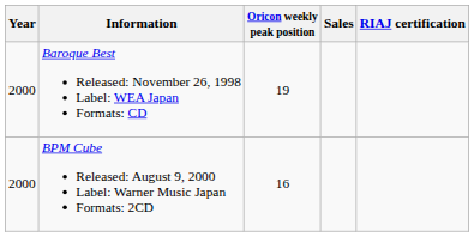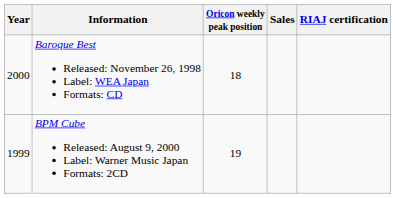 <table class="wikitable">
 <tr>
 <th>Year</th>
 <th>Information</th>
 <th><small><a href='#'>Oricon</a> weekly<br>peak position</small></th>
 <th>Sales</th>
 <th><a href='#'>RIAJ</a> certification</th>
 </tr>
 <tr>
 <td>2000</td>
 <td><em><a href='#'>Baroque Best</a></em><br><ul><li>Released: November 26, 1998</li><li>Label: <a href='#'>WEA Japan</a></li><li>Formats: <a href='#'>CD</a></li></ul></td>
+<td style="text-align:center;">18</td>
+<td align="left"></td>
+<td align="left"></td>
+</tr>
+<tr>
+<td>1999</td>
+<td><em><a href='#'>BPM Cube</a></em><br><ul><li>Released: August 9, 2000</li><li>Label: Warner Music Japan</li><li>Formats: 2CD</li></ul></td>
 <td style="text-align:center;">19</td>
 <td align="left"></td>
 <td align="left"></td>
 </tr>
-<tr>
-<td>2000</td>
-<td><em><a href='#'>BPM Cube</a></em><br><ul><li>Released: August 9, 2000</li><li>Label: Warner Music Japan</li><li>Formats: 2CD</li></ul></td>
-<td style="text-align:center;">16</td>
-<td align="left"></td>
-<td align="left"></td>
-</tr>
 </table>
